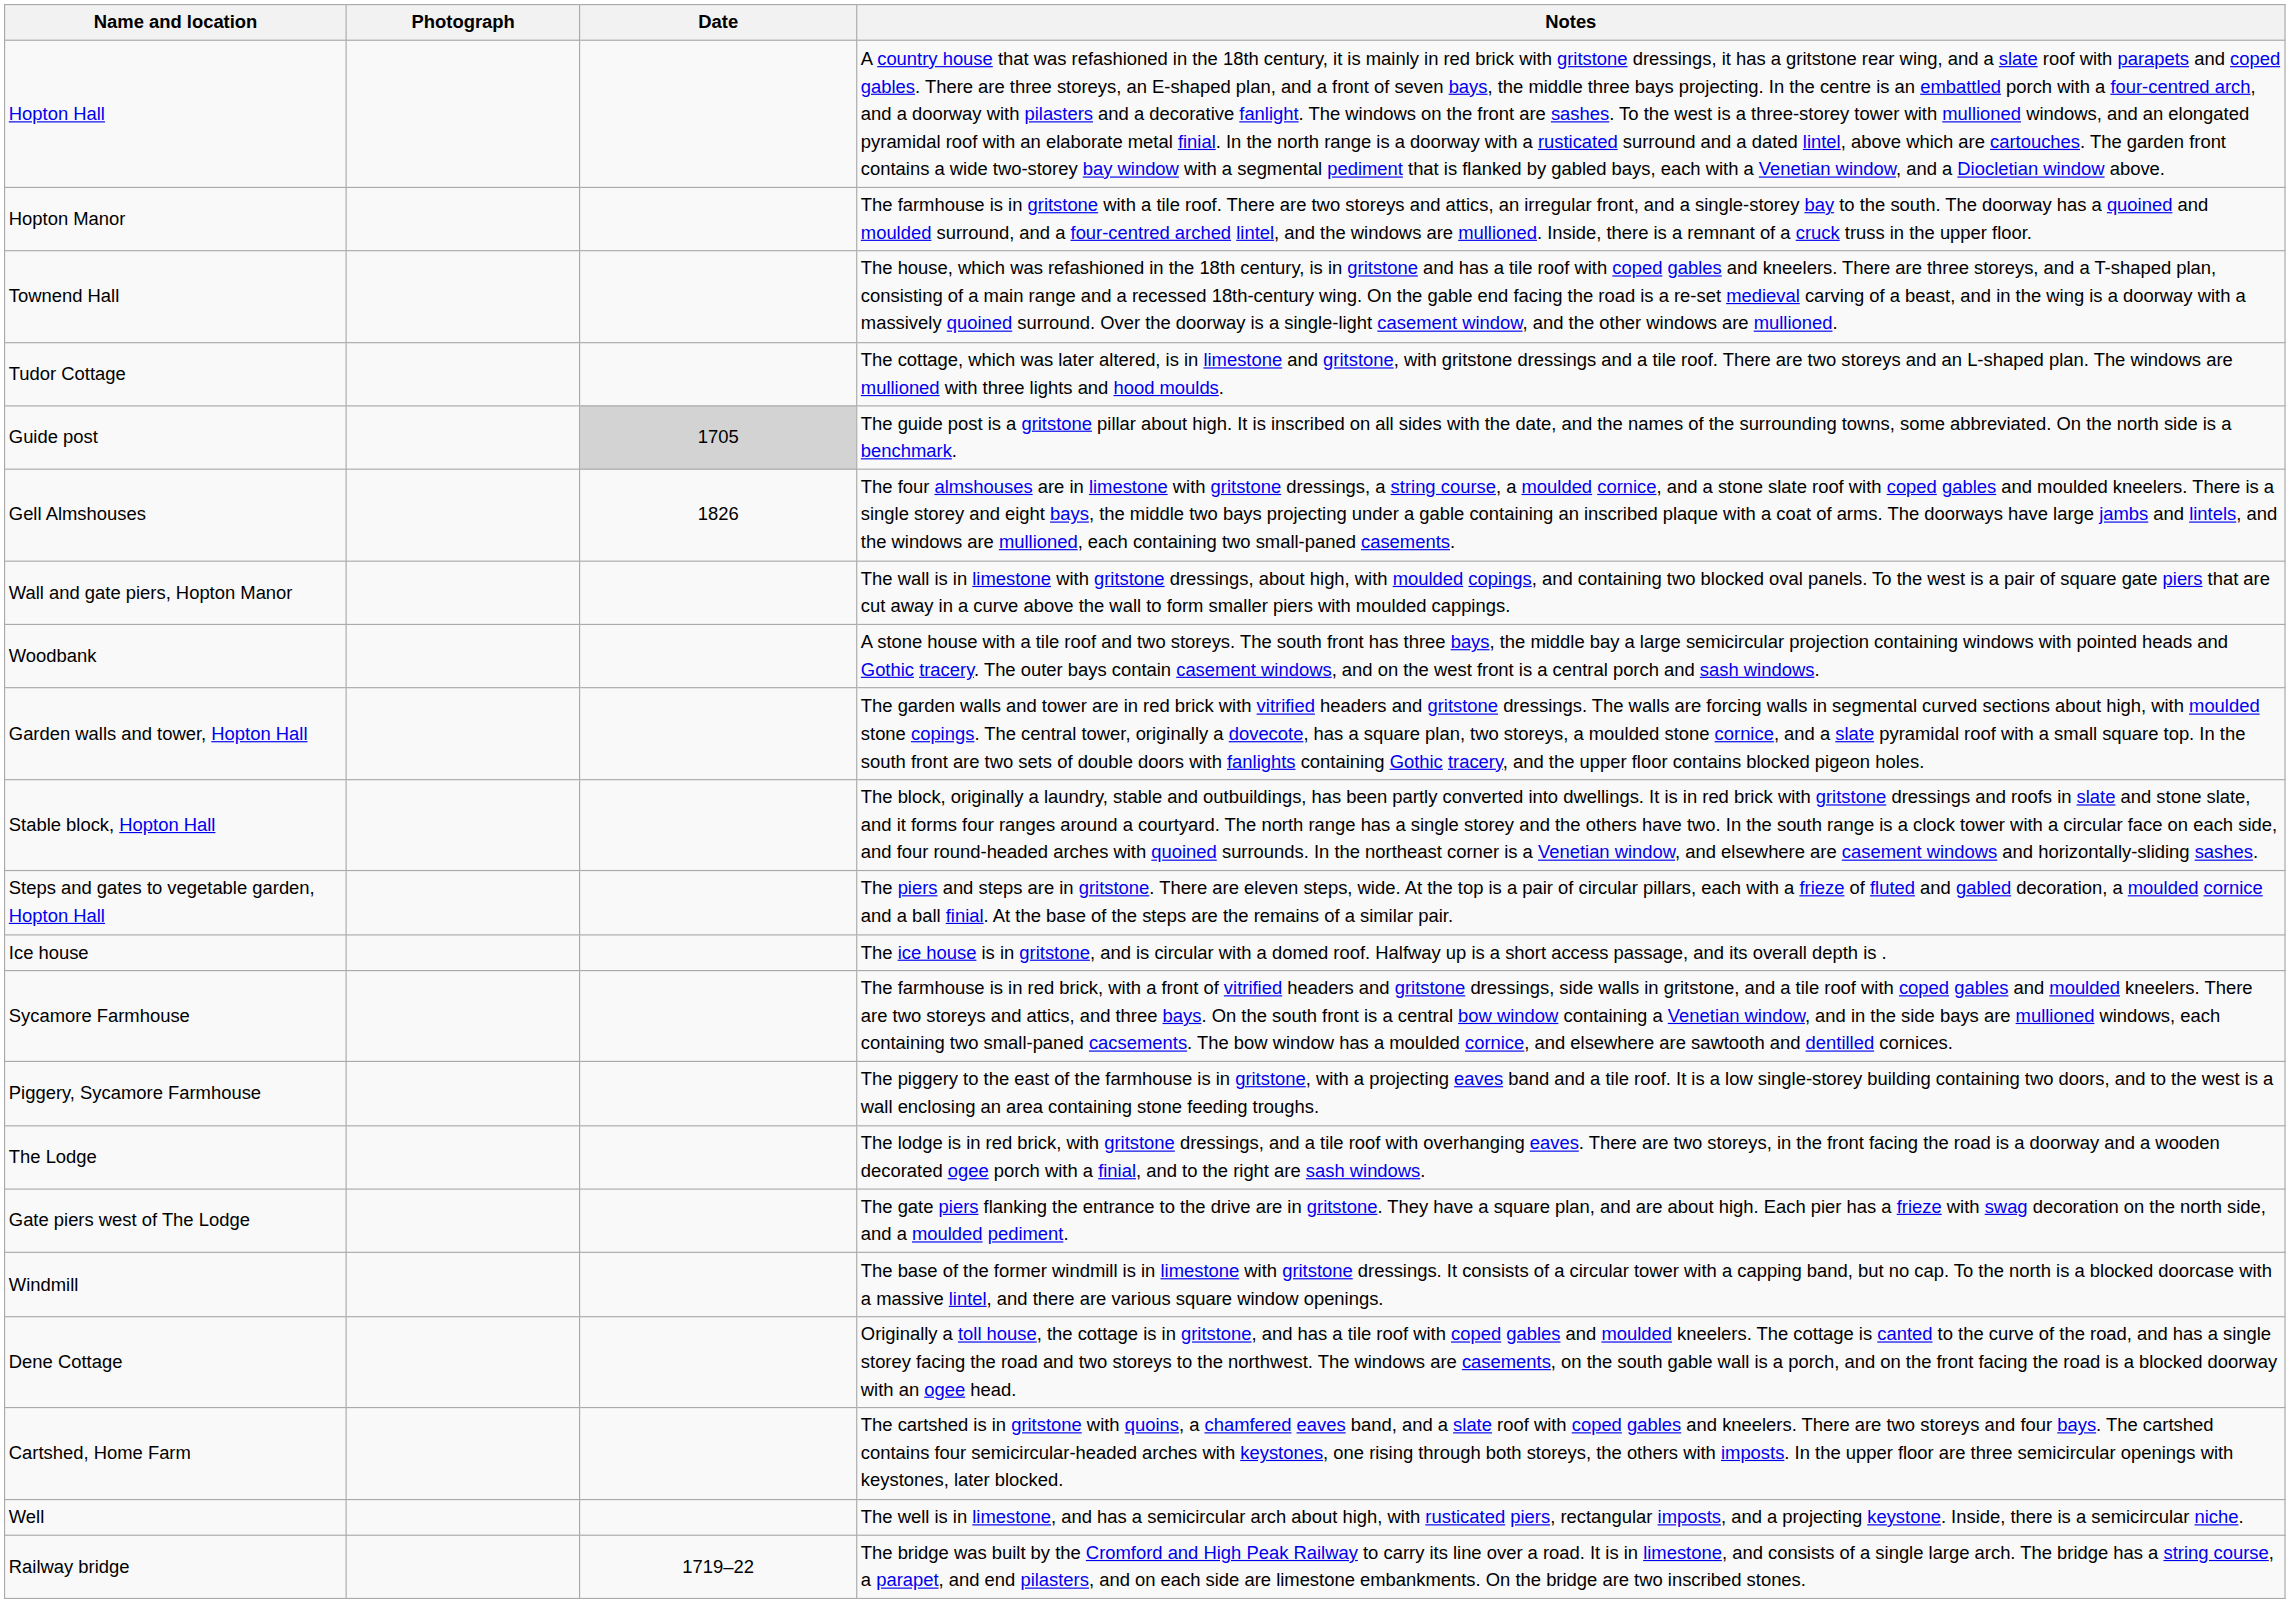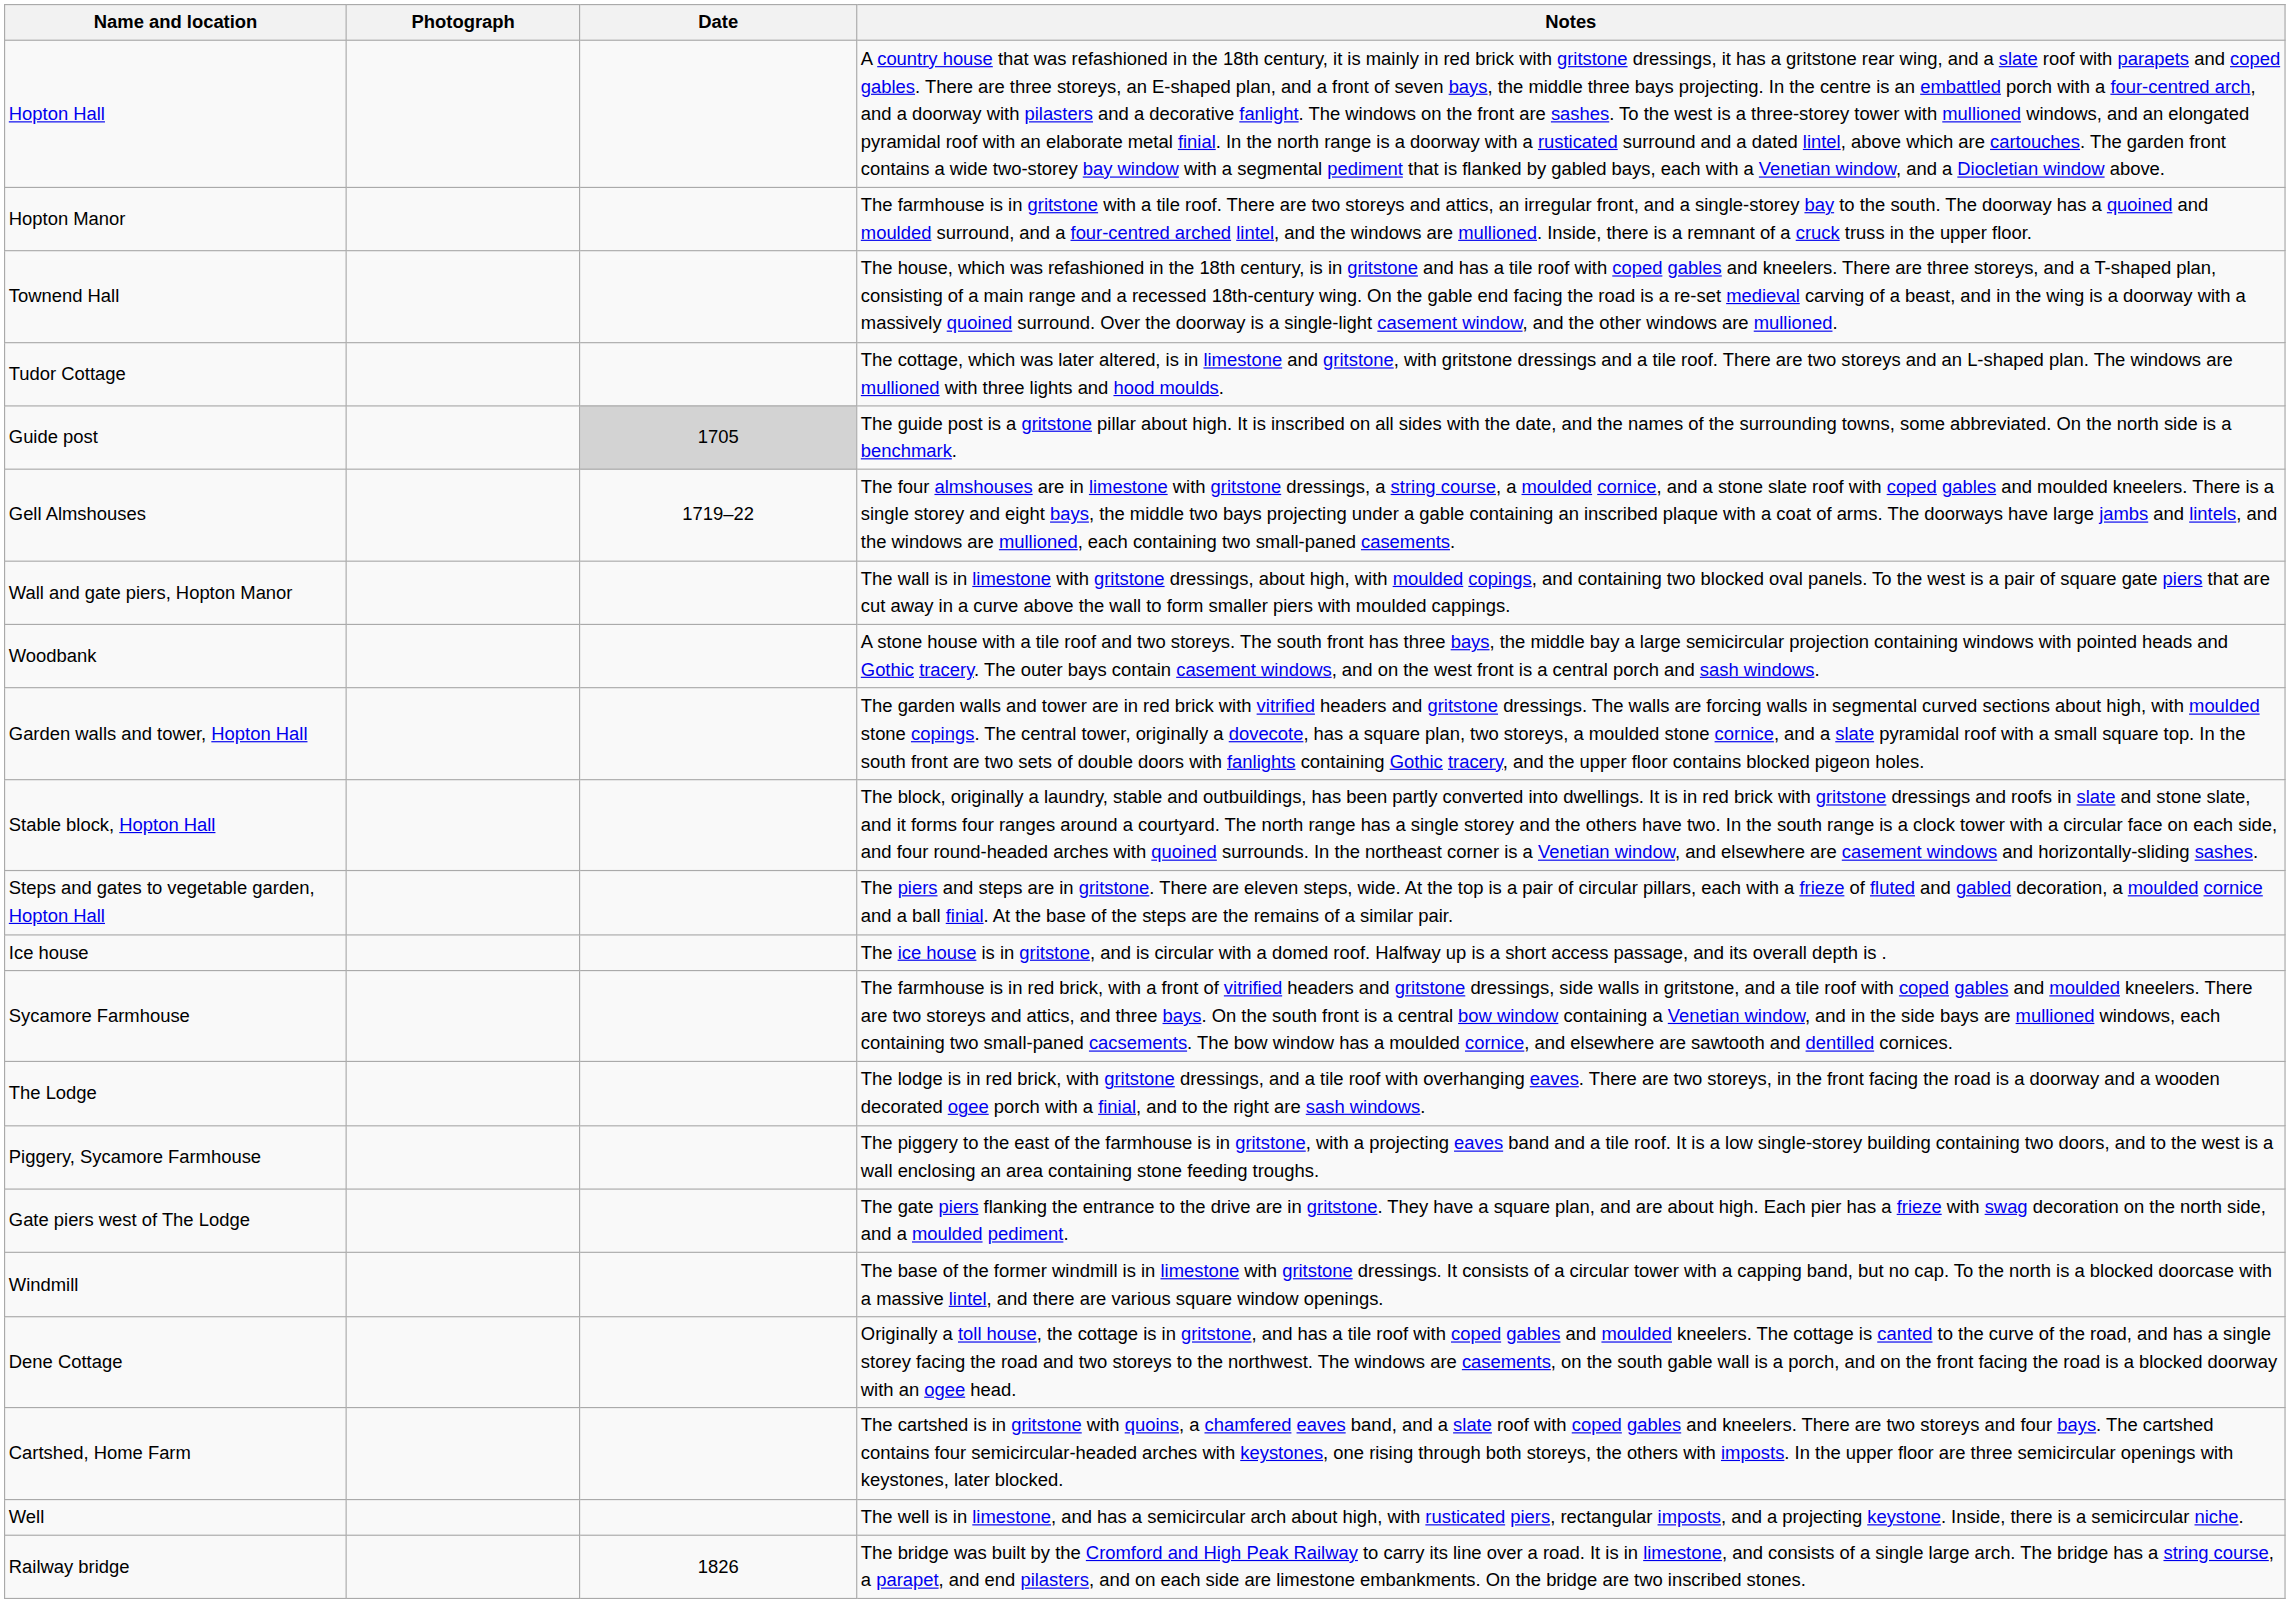 <table class="wikitable sortable plainrowheaders" style="width:100%;border:0px;text-align:left;line-height:150%;">
 <tr>
 <th scope="col"  style="width:150px">Name and location</th>
 <th scope="col"  style="width:100px" class="unsortable">Photograph</th>
 <th scope="col"  style="width:120px">Date</th>
 <th scope="col"  style="width:650px" class="unsortable">Notes</th>
 </tr>
 <tr>
 <td><a href='#'>Hopton Hall</a><br><small></small></td>
 <td></td>
 <td align="center"></td>
 <td>A <a href='#'>country house</a> that was refashioned in the 18th century, it is mainly in red brick with <a href='#'>gritstone</a> dressings, it has a gritstone rear wing, and a <a href='#'>slate</a> roof with <a href='#'>parapets</a> and <a href='#'>coped</a> <a href='#'>gables</a>.  There are three storeys, an E-shaped plan, and a front of seven <a href='#'>bays</a>, the middle three bays projecting.  In the centre is an <a href='#'>embattled</a> porch with a <a href='#'>four-centred arch</a>, and a doorway with <a href='#'>pilasters</a> and a decorative <a href='#'>fanlight</a>. The windows on the front are <a href='#'>sashes</a>.  To the west is a three-storey tower with <a href='#'>mullioned</a> windows, and an elongated pyramidal roof with an elaborate metal <a href='#'>finial</a>.  In the north range is a doorway with a <a href='#'>rusticated</a> surround and a dated <a href='#'>lintel</a>, above which are <a href='#'>cartouches</a>.  The garden front contains a wide two-storey <a href='#'>bay window</a> with a segmental <a href='#'>pediment</a> that is flanked by gabled bays, each with a <a href='#'>Venetian window</a>, and a <a href='#'>Diocletian window</a> above.</td>
 </tr>
 <tr>
 <td>Hopton Manor<br><small></small></td>
 <td></td>
 <td align="center"></td>
 <td>The farmhouse is in <a href='#'>gritstone</a> with a tile roof.  There are two storeys and attics, an irregular front, and a single-storey <a href='#'>bay</a> to the south.  The doorway has a <a href='#'>quoined</a> and <a href='#'>moulded</a> surround, and a <a href='#'>four-centred arched</a> <a href='#'>lintel</a>, and the windows are <a href='#'>mullioned</a>.  Inside, there is a remnant of a <a href='#'>cruck</a> truss in the upper floor.</td>
 </tr>
 <tr>
 <td>Townend Hall<br><small></small></td>
 <td></td>
 <td align="center"></td>
 <td>The house, which was refashioned in the 18th century, is in <a href='#'>gritstone</a> and has a tile roof with <a href='#'>coped</a> <a href='#'>gables</a> and kneelers.  There are three storeys, and a T-shaped plan, consisting of a main range and a recessed 18th-century wing.  On the gable end facing the road is a re-set <a href='#'>medieval</a> carving of a beast, and in the wing is a doorway with a massively <a href='#'>quoined</a> surround.  Over the doorway is a single-light <a href='#'>casement window</a>, and the other windows are <a href='#'>mullioned</a>.</td>
 </tr>
 <tr>
 <td>Tudor Cottage<br><small></small></td>
 <td></td>
 <td align="center"></td>
 <td>The cottage, which was later altered, is in <a href='#'>limestone</a> and <a href='#'>gritstone</a>, with gritstone dressings and a tile roof.  There are two storeys and an L-shaped plan.  The windows are <a href='#'>mullioned</a> with three lights and <a href='#'>hood moulds</a>.</td>
 </tr>
 <tr>
 <td>Guide post<br><small></small></td>
 <td></td>
 <td align="center" style="background: lightgrey;">1705</td>
 <td>The guide post is a <a href='#'>gritstone</a> pillar about  high.  It is inscribed on all sides with the date, and the names of the surrounding towns, some abbreviated.  On the north side is a <a href='#'>benchmark</a>.</td>
 </tr>
 <tr>
 <td>Gell Almshouses<br><small></small></td>
 <td></td>
-<td align="center">1826</td>
+<td align="center">1719–22</td>
 <td>The four <a href='#'>almshouses</a> are in <a href='#'>limestone</a> with <a href='#'>gritstone</a> dressings, a <a href='#'>string course</a>, a <a href='#'>moulded</a> <a href='#'>cornice</a>, and a stone slate roof with <a href='#'>coped</a> <a href='#'>gables</a> and moulded kneelers.  There is a single storey and eight <a href='#'>bays</a>, the middle two bays projecting under a gable containing an inscribed plaque with a coat of arms.  The doorways have large <a href='#'>jambs</a> and <a href='#'>lintels</a>, and the windows are <a href='#'>mullioned</a>, each containing two small-paned <a href='#'>casements</a>.</td>
 </tr>
 <tr>
 <td>Wall and gate piers, Hopton Manor<br><small></small></td>
 <td></td>
 <td align="center"></td>
 <td>The wall is in <a href='#'>limestone</a> with <a href='#'>gritstone</a> dressings, about  high, with <a href='#'>moulded</a> <a href='#'>copings</a>, and containing two blocked oval panels.  To the west is a pair of square gate <a href='#'>piers</a> that are cut away in a curve above the wall to form smaller piers with moulded cappings.</td>
 </tr>
 <tr>
 <td>Woodbank<br><small></small></td>
 <td></td>
 <td align="center"></td>
 <td>A stone house with a tile roof and two storeys.  The south front has three <a href='#'>bays</a>, the middle bay a large semicircular projection containing windows with pointed heads and <a href='#'>Gothic</a> <a href='#'>tracery</a>.  The outer bays contain <a href='#'>casement windows</a>, and on the west front is a central porch and <a href='#'>sash windows</a>.</td>
 </tr>
 <tr>
 <td>Garden walls and tower, <a href='#'>Hopton Hall</a><br><small></small></td>
 <td></td>
 <td align="center"></td>
 <td>The garden walls and tower are in red brick with <a href='#'>vitrified</a> headers and <a href='#'>gritstone</a> dressings.  The walls are forcing walls in segmental curved sections about  high, with <a href='#'>moulded</a> stone <a href='#'>copings</a>.  The central tower, originally a <a href='#'>dovecote</a>, has a square plan, two storeys, a moulded stone <a href='#'>cornice</a>, and a <a href='#'>slate</a> pyramidal roof with a small square top.  In the south front are two sets of double doors with <a href='#'>fanlights</a> containing <a href='#'>Gothic</a> <a href='#'>tracery</a>, and the upper floor contains blocked pigeon holes.</td>
 </tr>
 <tr>
 <td>Stable block, <a href='#'>Hopton Hall</a><br><small></small></td>
 <td></td>
 <td align="center"></td>
 <td>The block, originally a laundry, stable and outbuildings, has been partly converted into dwellings.  It is in red brick with <a href='#'>gritstone</a> dressings and roofs in <a href='#'>slate</a> and stone slate, and it forms four ranges around a courtyard.  The north range has a single storey and the others have two.  In the south range is a clock tower with a circular face on each side, and four round-headed arches with <a href='#'>quoined</a> surrounds.  In the northeast corner is a <a href='#'>Venetian window</a>, and elsewhere are <a href='#'>casement windows</a> and horizontally-sliding <a href='#'>sashes</a>.</td>
 </tr>
 <tr>
 <td>Steps and gates to vegetable garden, <a href='#'>Hopton Hall</a><br><small></small></td>
 <td></td>
 <td align="center"></td>
 <td>The <a href='#'>piers</a> and steps are in <a href='#'>gritstone</a>.  There are eleven steps,  wide.  At the top is a pair of circular pillars, each with a <a href='#'>frieze</a> of <a href='#'>fluted</a> and <a href='#'>gabled</a> decoration, a <a href='#'>moulded</a> <a href='#'>cornice</a> and a ball <a href='#'>finial</a>.  At the base of the steps are the remains of a similar pair.</td>
 </tr>
 <tr>
 <td>Ice house<br><small></small></td>
 <td></td>
 <td align="center"></td>
 <td>The <a href='#'>ice house</a> is in <a href='#'>gritstone</a>, and is circular with a domed roof.  Halfway up is a short access passage, and its overall depth is .</td>
 </tr>
 <tr>
 <td>Sycamore Farmhouse<br><small></small></td>
 <td></td>
 <td align="center"></td>
 <td>The farmhouse is in red brick, with a front of <a href='#'>vitrified</a> headers and <a href='#'>gritstone</a> dressings, side walls in gritstone, and a tile roof with <a href='#'>coped</a> <a href='#'>gables</a> and <a href='#'>moulded</a> kneelers. There are two storeys and attics, and three <a href='#'>bays</a>.  On the south front is a central <a href='#'>bow window</a> containing a <a href='#'>Venetian window</a>, and in the side bays are <a href='#'>mullioned</a> windows, each containing two small-paned <a href='#'>cacsements</a>.  The bow window has a moulded <a href='#'>cornice</a>, and elsewhere are sawtooth and <a href='#'>dentilled</a> cornices.</td>
 </tr>
 <tr>
+<td>The Lodge<br><small></small></td>
+<td></td>
+<td align="center"></td>
+<td>The lodge is in red brick, with <a href='#'>gritstone</a> dressings, and a tile roof with overhanging <a href='#'>eaves</a>.  There are two storeys, in the front facing the road is a doorway and a wooden decorated <a href='#'>ogee</a> porch with a <a href='#'>finial</a>, and to the right are <a href='#'>sash windows</a>.</td>
+</tr>
+<tr>
 <td>Piggery, Sycamore Farmhouse<br><small></small></td>
 <td></td>
 <td align="center"></td>
 <td>The piggery to the east of the farmhouse is in <a href='#'>gritstone</a>, with a projecting <a href='#'>eaves</a> band and a tile roof.  It is a low single-storey building containing two doors, and to the west is a wall enclosing an area containing stone feeding troughs.</td>
-</tr>
-<tr>
-<td>The Lodge<br><small></small></td>
-<td></td>
-<td align="center"></td>
-<td>The lodge is in red brick, with <a href='#'>gritstone</a> dressings, and a tile roof with overhanging <a href='#'>eaves</a>.  There are two storeys, in the front facing the road is a doorway and a wooden decorated <a href='#'>ogee</a> porch with a <a href='#'>finial</a>, and to the right are <a href='#'>sash windows</a>.</td>
 </tr>
 <tr>
 <td>Gate piers west of The Lodge<br><small></small></td>
 <td></td>
 <td align="center"></td>
 <td>The gate <a href='#'>piers</a> flanking the entrance to the drive are in <a href='#'>gritstone</a>.  They have a square plan, and are about  high.  Each pier has a <a href='#'>frieze</a> with <a href='#'>swag</a> decoration on the north side, and a <a href='#'>moulded</a> <a href='#'>pediment</a>.</td>
 </tr>
 <tr>
 <td>Windmill<br><small></small></td>
 <td></td>
 <td align="center"></td>
 <td>The base of the former windmill is in <a href='#'>limestone</a> with <a href='#'>gritstone</a> dressings.  It consists of a circular tower with a capping band, but no cap.  To the north is a blocked doorcase with a massive <a href='#'>lintel</a>, and there are various square window openings.</td>
 </tr>
 <tr>
 <td>Dene Cottage<br><small></small></td>
 <td></td>
 <td align="center"></td>
 <td>Originally a <a href='#'>toll house</a>, the cottage is in <a href='#'>gritstone</a>, and has a tile roof with <a href='#'>coped</a> <a href='#'>gables</a> and <a href='#'>moulded</a> kneelers.  The cottage is <a href='#'>canted</a> to the curve of the road, and has a single storey facing the road and two storeys to the northwest.  The windows are <a href='#'>casements</a>, on the south gable wall is a porch, and on the front facing the road is a blocked doorway with an <a href='#'>ogee</a> head.</td>
 </tr>
 <tr>
 <td>Cartshed, Home Farm<br><small></small></td>
 <td></td>
 <td align="center"></td>
 <td>The cartshed is in <a href='#'>gritstone</a> with <a href='#'>quoins</a>, a <a href='#'>chamfered</a> <a href='#'>eaves</a> band, and a <a href='#'>slate</a> roof with <a href='#'>coped</a> <a href='#'>gables</a> and kneelers.  There are two storeys and four <a href='#'>bays</a>.  The cartshed contains four semicircular-headed arches with <a href='#'>keystones</a>, one rising through both storeys, the others with <a href='#'>imposts</a>.  In the upper floor are three semicircular openings with keystones, later blocked.</td>
 </tr>
 <tr>
 <td>Well<br><small></small></td>
 <td></td>
 <td align="center"></td>
 <td>The well is in <a href='#'>limestone</a>, and has a semicircular arch about  high, with <a href='#'>rusticated</a> <a href='#'>piers</a>, rectangular <a href='#'>imposts</a>, and a projecting <a href='#'>keystone</a>.  Inside, there is a semicircular <a href='#'>niche</a>.</td>
 </tr>
 <tr>
 <td>Railway bridge<br><small></small></td>
 <td></td>
-<td align="center">1719–22</td>
+<td align="center">1826</td>
 <td>The bridge was built by the <a href='#'>Cromford and High Peak Railway</a> to carry its line over a road.  It is in <a href='#'>limestone</a>, and consists of a single large arch.  The bridge has a <a href='#'>string course</a>, a <a href='#'>parapet</a>, and end <a href='#'>pilasters</a>, and on each side are limestone embankments.  On the bridge are two inscribed stones.</td>
 </tr>
 <tr>
 </tr>
 </table>
